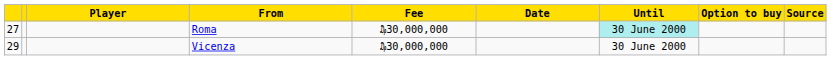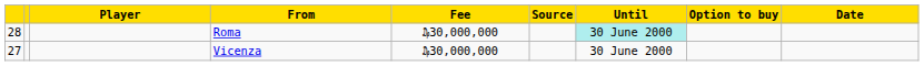 <table class="wikitable sortable">
 <tr>
 <th style="background:#FFDE00"></th>
 <th style="background:#FFDE00"></th>
 <th width=200 style="background:#FFDE00">Player</th>
 <th width=200 style="background:#FFDE00">From</th>
 <th width=150 style="background:#FFDE00">Fee</th>
-<th width=150 style="background:#FFDE00">Date</th>
+<th style="background:#FFDE00">Source</th>
 <th width=120 style="background:#FFDE00">Until</th>
 <th style="background:#FFDE00">Option to buy</th>
-<th style="background:#FFDE00">Source</th>
+<th width=150 style="background:#FFDE00">Date</th>
 </tr>
 <tr>
-<td align=center>27</td>
+<td align=center>28</td>
 <td align=center></td>
 <td></td>
 <td> <a href='#'>Roma</a></td>
 <td align=center>₯30,000,000</td>
 <td align=center></td>
 <td align=center style="background: paleturquoise;">30 June 2000</td>
 <td align=center></td>
 <td align=center></td>
 </tr>
 <tr>
-<td align=center>29</td>
+<td align=center>27</td>
 <td align=center></td>
 <td></td>
 <td> <a href='#'>Vicenza</a></td>
 <td align=center>₯30,000,000</td>
 <td align=center></td>
 <td align=center>30 June 2000</td>
 <td align=center></td>
 <td align=center></td>
 </tr>
 </table>
